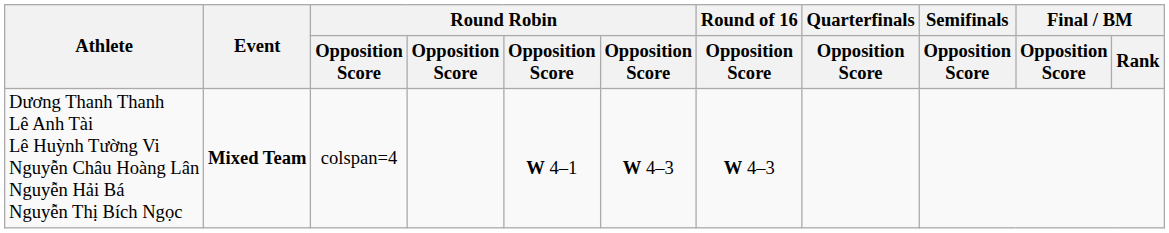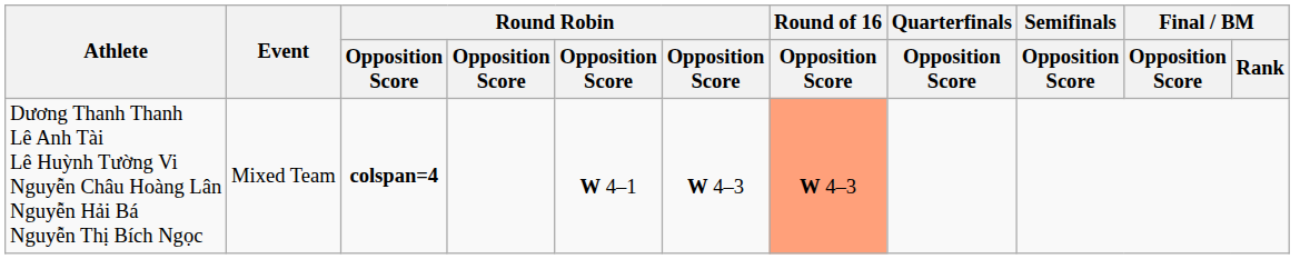 <table class="wikitable" style="font-size:90%">
 <tr>
 <th rowspan=2>Athlete</th>
 <th rowspan=2>Event</th>
 <th colspan=4>Round Robin</th>
 <th>Round of 16</th>
 <th>Quarterfinals</th>
 <th>Semifinals</th>
 <th colspan=2>Final / BM</th>
 </tr>
 <tr style="font-size:95">
 <th>Opposition<br>Score</th>
 <th>Opposition<br>Score</th>
 <th>Opposition<br>Score</th>
 <th>Opposition<br>Score</th>
 <th>Opposition<br>Score</th>
 <th>Opposition<br>Score</th>
 <th>Opposition<br>Score</th>
 <th>Opposition<br>Score</th>
 <th>Rank</th>
 </tr>
 <tr align=center>
 <td align=left>Dương Thanh Thanh<br>Lê Anh Tài<br>Lê Huỳnh Tường Vi<br>Nguyễn Châu Hoàng Lân<br>Nguyễn Hải Bá<br>Nguyễn Thị Bích Ngọc</td>
-<td align=left><strong>Mixed Team</strong></td>
-<td>colspan=4 </td>
+<td align=left>Mixed Team</td>
+<td><strong>colspan=4 </strong></td>
 <td></td>
 <td><br><strong>W</strong> 4–1</td>
 <td><br><strong>W</strong> 4–3</td>
-<td><br><strong>W</strong> 4–3</td>
+<td style="background: lightsalmon;"><br><strong>W</strong> 4–3</td>
 <td></td>
 </tr>
 </table>
